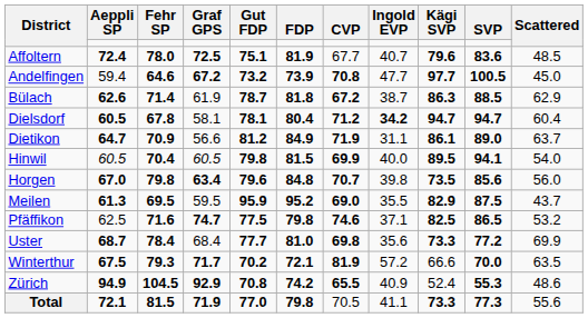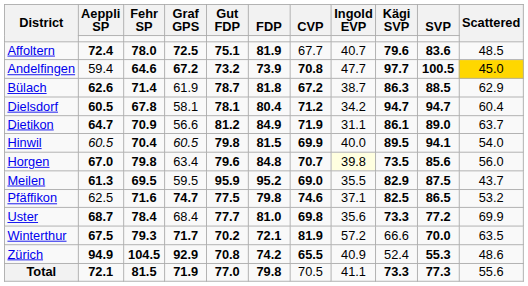 <table class="wikitable" style="text-align:center; font-size:90%; line-height:14px;">
 <tr>
 <th rowspan="2">District</th>
 <th>Aeppli<br>SP</th>
 <th>Fehr<br>SP</th>
 <th>Graf<br>GPS</th>
 <th>Gut<br>FDP</th>
 <th><br>FDP</th>
 <th><br>CVP</th>
 <th>Ingold<br>EVP</th>
 <th>Kägi<br>SVP</th>
 <th><br>SVP</th>
 <th rowspan="2">Scattered</th>
 </tr>
 <tr>
 <td style="width:40px; background-color:"></td>
 <td style="width:40px; background-color:"></td>
 <td style="width:40px; background-color:"></td>
 <td style="width:40px; background-color:"></td>
 <td style="width:40px; background-color:"></td>
 <td style="width:40px; background-color:"></td>
 <td style="width:40px; background-color:"></td>
 <td style="width:40px; background-color:"></td>
 <td style="width:40px; background-color:"></td>
 </tr>
 <tr>
 <td align="left"><a href='#'>Affoltern</a></td>
 <td style="background-color:#"><strong>72.4</strong></td>
 <td style="background-color:#"><strong>78.0</strong></td>
 <td style="background-color:#"><strong>72.5</strong></td>
 <td style="background-color:#"><strong>75.1</strong></td>
 <td style="background-color:#"><strong>81.9</strong></td>
 <td>67.7</td>
 <td>40.7</td>
 <td style="background-color:#"><strong>79.6</strong></td>
 <td style="background-color:#"><strong>83.6</strong></td>
 <td>48.5</td>
 </tr>
 <tr>
 <td align="left"><a href='#'>Andelfingen</a></td>
 <td>59.4</td>
 <td style="background-color:#"><strong>64.6</strong></td>
 <td style="background-color:#"><strong>67.2</strong></td>
 <td style="background-color:#"><strong>73.2</strong></td>
 <td style="background-color:#"><strong>73.9</strong></td>
 <td style="background-color:#"><strong>70.8</strong></td>
 <td>47.7</td>
 <td style="background-color:#"><strong>97.7</strong></td>
 <td style="background-color:#"><strong>100.5</strong></td>
-<td>45.0</td>
+<td style="background: gold;">45.0</td>
 </tr>
 <tr>
 <td align="left"><a href='#'>Bülach</a></td>
 <td style="background-color:#"><strong>62.6</strong></td>
 <td style="background-color:#"><strong>71.4</strong></td>
 <td>61.9</td>
 <td style="background-color:#"><strong>78.7</strong></td>
 <td style="background-color:#"><strong>81.8</strong></td>
 <td style="background-color:#"><strong>67.2</strong></td>
 <td>38.7</td>
 <td style="background-color:#"><strong>86.3</strong></td>
 <td style="background-color:#"><strong>88.5</strong></td>
 <td>62.9</td>
 </tr>
 <tr>
 <td align="left"><a href='#'>Dielsdorf</a></td>
 <td style="background-color:#"><strong>60.5</strong></td>
 <td style="background-color:#"><strong>67.8</strong></td>
 <td>58.1</td>
 <td style="background-color:#"><strong>78.1</strong></td>
 <td style="background-color:#"><strong>80.4</strong></td>
 <td style="background-color:#"><strong>71.2</strong></td>
-<td><strong>34.2</strong></td>
+<td>34.2</td>
 <td style="background-color:#"><strong>94.7</strong></td>
 <td style="background-color:#"><strong>94.7</strong></td>
 <td>60.4</td>
 </tr>
 <tr>
 <td align="left"><a href='#'>Dietikon</a></td>
 <td style="background-color:#"><strong>64.7</strong></td>
 <td style="background-color:#"><strong>70.9</strong></td>
 <td>56.6</td>
 <td style="background-color:#"><strong>81.2</strong></td>
 <td style="background-color:#"><strong>84.9</strong></td>
 <td style="background-color:#"><strong>71.9</strong></td>
 <td>31.1</td>
 <td style="background-color:#"><strong>86.1</strong></td>
 <td style="background-color:#"><strong>89.0</strong></td>
 <td>63.7</td>
 </tr>
 <tr>
 <td align="left"><a href='#'>Hinwil</a></td>
 <td style="background-color:#"><em>60.5</em></td>
 <td style="background-color:#"><strong>70.4</strong></td>
 <td style="background-color:#"><em>60.5</em></td>
 <td style="background-color:#"><strong>79.8</strong></td>
 <td style="background-color:#"><strong>81.5</strong></td>
 <td style="background-color:#"><strong>69.9</strong></td>
 <td>40.0</td>
 <td style="background-color:#"><strong>89.5</strong></td>
 <td style="background-color:#"><strong>94.1</strong></td>
 <td>54.0</td>
 </tr>
 <tr>
 <td align="left"><a href='#'>Horgen</a></td>
 <td style="background-color:#"><strong>67.0</strong></td>
 <td style="background-color:#"><strong>79.8</strong></td>
-<td><strong>63.4</strong></td>
+<td>63.4</td>
 <td style="background-color:#"><strong>79.6</strong></td>
 <td style="background-color:#"><strong>84.8</strong></td>
 <td style="background-color:#"><strong>70.7</strong></td>
-<td>39.8</td>
+<td style="background: lightyellow;">39.8</td>
 <td style="background-color:#"><strong>73.5</strong></td>
 <td style="background-color:#"><strong>85.6</strong></td>
 <td>56.0</td>
 </tr>
 <tr>
 <td align="left"><a href='#'>Meilen</a></td>
 <td style="background-color:#"><strong>61.3</strong></td>
 <td style="background-color:#"><strong>69.5</strong></td>
 <td>59.5</td>
 <td style="background-color:#"><strong>95.9</strong></td>
 <td style="background-color:#"><strong>95.2</strong></td>
 <td style="background-color:#"><strong>69.0</strong></td>
 <td>35.5</td>
 <td style="background-color:#"><strong>82.9</strong></td>
 <td style="background-color:#"><strong>87.5</strong></td>
 <td>43.7</td>
 </tr>
 <tr>
 <td align="left"><a href='#'>Pfäffikon</a></td>
 <td>62.5</td>
 <td style="background-color:#"><strong>71.6</strong></td>
 <td style="background-color:#"><strong>74.7</strong></td>
 <td style="background-color:#"><strong>77.5</strong></td>
 <td style="background-color:#"><strong>79.8</strong></td>
 <td style="background-color:#"><strong>74.6</strong></td>
 <td>37.1</td>
 <td style="background-color:#"><strong>82.5</strong></td>
 <td style="background-color:#"><strong>86.5</strong></td>
 <td>53.2</td>
 </tr>
 <tr>
 <td align="left"><a href='#'>Uster</a></td>
 <td style="background-color:#"><strong>68.7</strong></td>
 <td style="background-color:#"><strong>78.4</strong></td>
 <td>68.4</td>
 <td style="background-color:#"><strong>77.7</strong></td>
 <td style="background-color:#"><strong>81.0</strong></td>
 <td style="background-color:#"><strong>69.8</strong></td>
 <td>35.6</td>
 <td style="background-color:#"><strong>73.3</strong></td>
 <td style="background-color:#"><strong>77.2</strong></td>
 <td>69.9</td>
 </tr>
 <tr>
 <td align="left"><a href='#'>Winterthur</a></td>
 <td style="background-color:#"><strong>67.5</strong></td>
 <td style="background-color:#"><strong>79.3</strong></td>
 <td style="background-color:#"><strong>71.7</strong></td>
 <td style="background-color:#"><strong>70.2</strong></td>
 <td style="background-color:#"><strong>72.1</strong></td>
 <td style="background-color:#"><strong>81.9</strong></td>
 <td>57.2</td>
 <td>66.6</td>
 <td style="background-color:#"><strong>70.0</strong></td>
 <td>63.5</td>
 </tr>
 <tr>
 <td align="left"><a href='#'>Zürich</a></td>
 <td style="background-color:#"><strong>94.9</strong></td>
 <td style="background-color:#"><strong>104.5</strong></td>
 <td style="background-color:#"><strong>92.9</strong></td>
 <td style="background-color:#"><strong>70.8</strong></td>
 <td style="background-color:#"><strong>74.2</strong></td>
 <td style="background-color:#"><strong>65.5</strong></td>
 <td>40.9</td>
 <td>52.4</td>
 <td style="background-color:#"><strong>55.3</strong></td>
 <td>48.6</td>
 </tr>
 <tr>
 <th>Total</th>
 <td style="background-color:#"><strong>72.1</strong></td>
 <td style="background-color:#"><strong>81.5</strong></td>
 <td style="background-color:#"><strong>71.9</strong></td>
 <td style="background-color:#"><strong>77.0</strong></td>
 <td style="background-color:#"><strong>79.8</strong></td>
 <td>70.5</td>
 <td>41.1</td>
 <td style="background-color:#"><strong>73.3</strong></td>
 <td style="background-color:#"><strong>77.3</strong></td>
 <td>55.6</td>
 </tr>
 </table>
